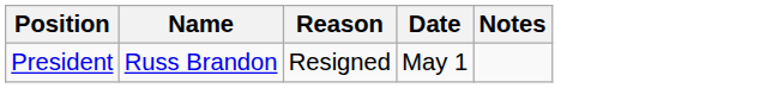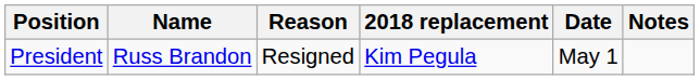 <table class="wikitable">
 <tr>
 <th>Position</th>
 <th>Name</th>
 <th>Reason</th>
+<th>2018 replacement</th>
 <th>Date</th>
 <th>Notes</th>
 </tr>
 <tr>
 <td><a href='#'>President</a></td>
 <td><a href='#'>Russ Brandon</a></td>
 <td>Resigned</td>
+<td><a href='#'>Kim Pegula</a></td>
 <td>May 1</td>
 <td></td>
 </tr>
 </table>
